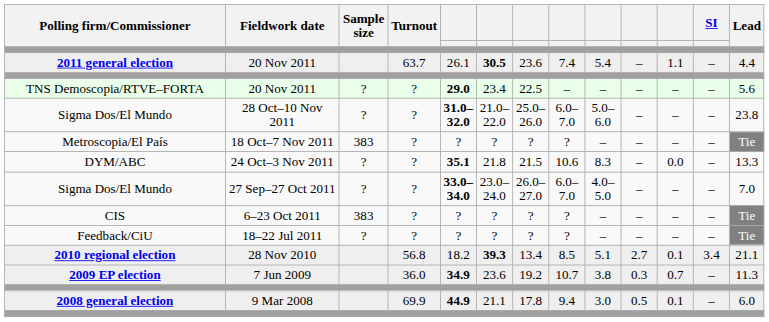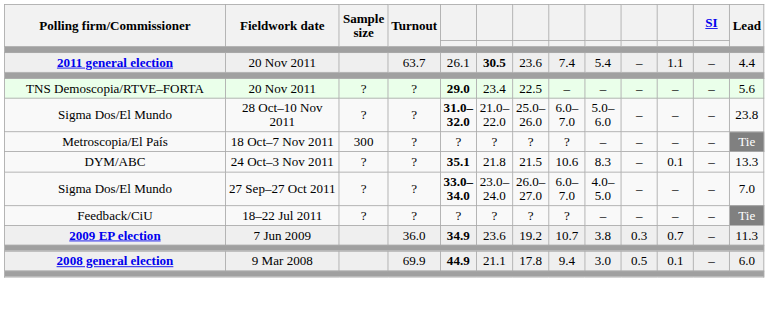 <table class="wikitable collapsible collapsed" style="text-align:center; font-size:95%; line-height:16px;">
 <tr style="height:42px;">
 <th style="width:250px;" rowspan="2">Polling firm/Commissioner</th>
 <th style="width:125px;" rowspan="2">Fieldwork date</th>
 <th style="width:50px;" rowspan="2">Sample size</th>
 <th style="width:45px;" rowspan="2">Turnout</th>
 <th style="width:35px;"></th>
 <th style="width:35px;"></th>
 <th style="width:35px;"></th>
 <th style="width:35px;"></th>
 <th style="width:35px;"></th>
 <th style="width:35px;"></th>
 <th style="width:35px;"></th>
 <th style="width:35px;"><a href='#'>SI</a></th>
 <th style="width:30px;" rowspan="2">Lead</th>
 </tr>
 <tr>
 <th style="color:inherit;background:"></th>
 <th style="color:inherit;background:"></th>
 <th style="color:inherit;background:"></th>
 <th style="color:inherit;background:"></th>
 <th style="color:inherit;background:"></th>
 <th style="color:inherit;background:"></th>
 <th style="color:inherit;background:"></th>
 <th style="color:inherit;background:"></th>
 </tr>
 <tr>
 <td colspan="13" style="background:#A0A0A0"></td>
 </tr>
 <tr style="background:#EFEFEF;">
 <td><strong><a href='#'>2011 general election</a></strong></td>
 <td>20 Nov 2011</td>
 <td></td>
 <td>63.7</td>
 <td>26.1<br></td>
 <td><strong>30.5</strong><br></td>
 <td>23.6<br></td>
 <td>7.4<br></td>
 <td>5.4<br></td>
 <td>–</td>
 <td>1.1<br></td>
 <td>–</td>
 <td style="background:">4.4</td>
 </tr>
 <tr>
 <td colspan="13" style="background:#A0A0A0"></td>
 </tr>
 <tr style="background:#EAFFEA;">
 <td>TNS Demoscopia/RTVE–FORTA</td>
 <td>20 Nov 2011</td>
 <td>?</td>
 <td>?</td>
 <td><strong>29.0</strong><br></td>
 <td>23.4<br></td>
 <td>22.5<br></td>
 <td>–</td>
 <td>–</td>
 <td>–</td>
 <td>–</td>
 <td>–</td>
 <td style="background:">5.6</td>
 </tr>
 <tr>
 <td>Sigma Dos/El Mundo</td>
 <td>28 Oct–10 Nov 2011</td>
 <td>?</td>
 <td>?</td>
 <td><strong>31.0–<br>32.0</strong><br></td>
 <td>21.0–<br>22.0<br></td>
 <td>25.0–<br>26.0<br></td>
 <td>6.0–<br>7.0<br></td>
 <td>5.0–<br>6.0<br></td>
 <td>–</td>
 <td>–</td>
 <td>–</td>
 <td style="background:">23.8</td>
 </tr>
 <tr>
 <td>Metroscopia/El País</td>
 <td>18 Oct–7 Nov 2011</td>
-<td>383</td>
+<td>300</td>
 <td>?</td>
 <td>?<br></td>
 <td>?<br></td>
 <td>?<br></td>
 <td>?<br></td>
 <td>–</td>
 <td>–</td>
 <td>–</td>
 <td>–</td>
 <td style="background:gray; color:white;">Tie</td>
 </tr>
 <tr>
 <td>DYM/ABC</td>
 <td>24 Oct–3 Nov 2011</td>
 <td>?</td>
 <td>?</td>
 <td><strong>35.1</strong><br></td>
 <td>21.8<br></td>
 <td>21.5<br></td>
 <td>10.6<br></td>
 <td>8.3<br></td>
 <td>–</td>
-<td>0.0<br></td>
+<td>0.1<br></td>
 <td>–</td>
 <td style="background:">13.3</td>
 </tr>
 <tr>
 <td>Sigma Dos/El Mundo</td>
 <td>27 Sep–27 Oct 2011</td>
 <td>?</td>
 <td>?</td>
 <td><strong>33.0–<br>34.0</strong><br></td>
 <td>23.0–<br>24.0<br></td>
 <td>26.0–<br>27.0<br></td>
 <td>6.0–<br>7.0<br></td>
 <td>4.0–<br>5.0<br></td>
 <td>–</td>
 <td>–</td>
 <td>–</td>
 <td style="background:">7.0</td>
 </tr>
 <tr>
-<td>CIS</td>
-<td>6–23 Oct 2011</td>
-<td>383</td>
-<td>?</td>
-<td>?<br></td>
-<td>?<br></td>
-<td>?<br></td>
-<td>?<br></td>
-<td>–</td>
-<td>–</td>
-<td>–</td>
-<td>–</td>
-<td style="background:gray; color:white;">Tie</td>
-</tr>
-<tr>
 <td>Feedback/CiU</td>
 <td>18–22 Jul 2011</td>
 <td>?</td>
 <td>?</td>
 <td>?<br></td>
 <td>?<br></td>
 <td>?<br></td>
 <td>?<br></td>
 <td>–</td>
 <td>–</td>
 <td>–</td>
 <td>–</td>
 <td style="background:gray; color:white;">Tie</td>
-</tr>
-<tr style="background:#EFEFEF;">
-<td><strong><a href='#'>2010 regional election</a></strong></td>
-<td>28 Nov 2010</td>
-<td></td>
-<td>56.8</td>
-<td>18.2<br></td>
-<td><strong>39.3</strong><br></td>
-<td>13.4<br></td>
-<td>8.5<br></td>
-<td>5.1<br></td>
-<td>2.7<br></td>
-<td>0.1<br></td>
-<td>3.4<br></td>
-<td style="background:">21.1</td>
 </tr>
 <tr style="background:#EFEFEF;">
 <td><strong><a href='#'>2009 EP election</a></strong></td>
 <td>7 Jun 2009</td>
 <td></td>
 <td>36.0</td>
 <td><strong>34.9</strong><br></td>
 <td>23.6<br></td>
 <td>19.2<br></td>
 <td>10.7<br></td>
 <td>3.8<br></td>
 <td>0.3<br></td>
 <td>0.7<br></td>
 <td>–</td>
 <td style="background:">11.3</td>
 </tr>
 <tr>
 <td colspan="13" style="background:#A0A0A0"></td>
 </tr>
 <tr style="background:#EFEFEF;">
 <td><strong><a href='#'>2008 general election</a></strong></td>
 <td>9 Mar 2008</td>
 <td></td>
 <td>69.9</td>
 <td><strong>44.9</strong><br></td>
 <td>21.1<br></td>
 <td>17.8<br></td>
 <td>9.4<br></td>
 <td>3.0<br></td>
 <td>0.5<br></td>
 <td>0.1<br></td>
 <td>–</td>
 <td style="background:">6.0</td>
 </tr>
 <tr>
 <td colspan="13" style="background:#A0A0A0"></td>
 </tr>
 </table>
